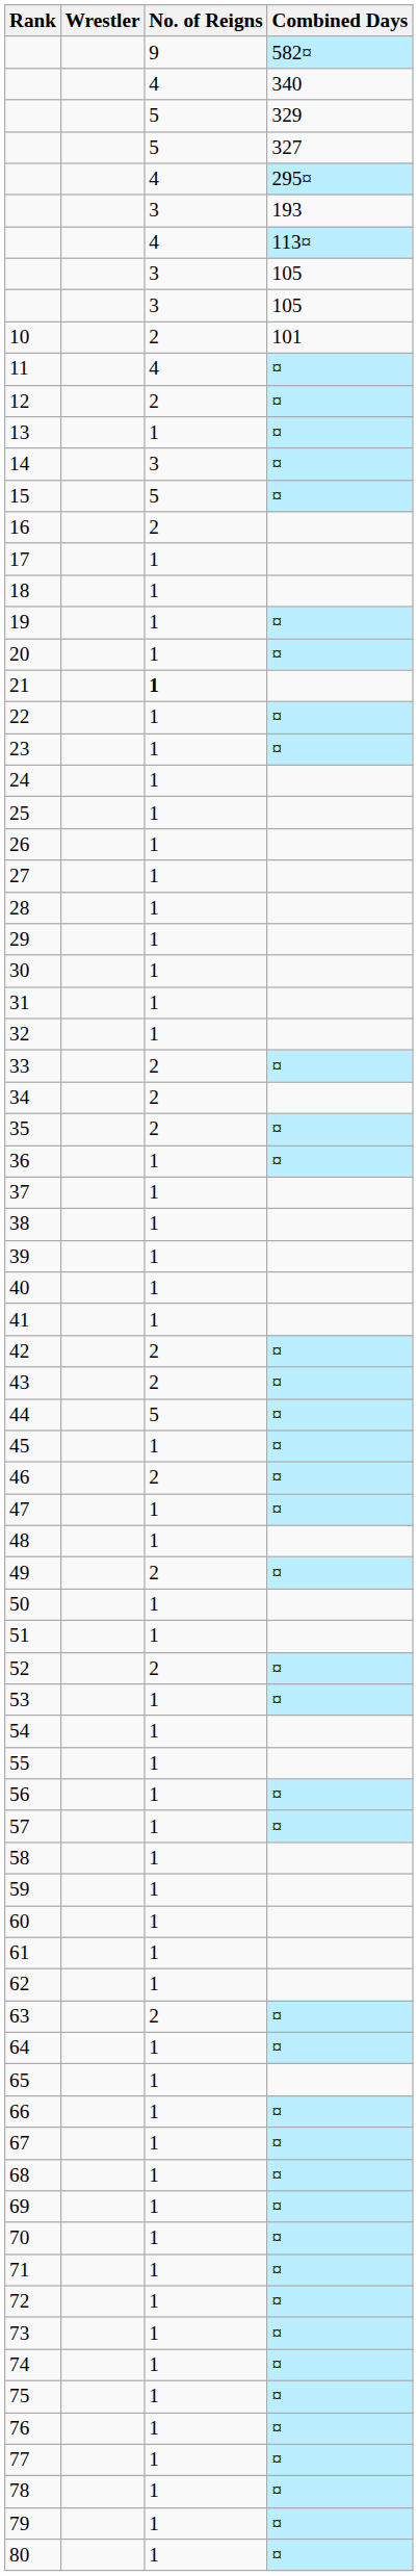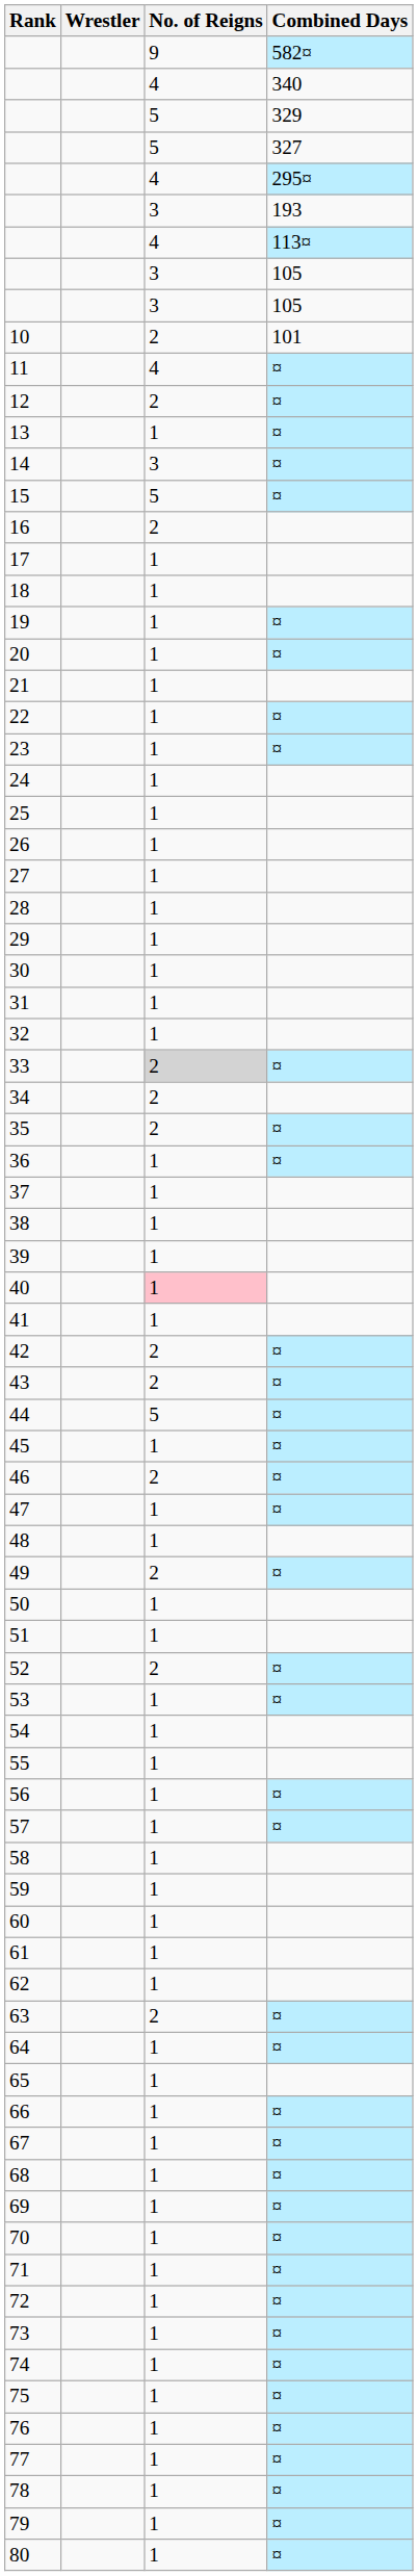 <table class="wikitable sortable">
 <tr>
 <th>Rank</th>
 <th>Wrestler</th>
 <th>No. of Reigns</th>
 <th>Combined Days</th>
 </tr>
 <tr>
 <td></td>
 <td></td>
 <td>9</td>
 <td style="background-color:#bbeeff">582¤</td>
 </tr>
 <tr>
 <td></td>
 <td></td>
 <td>4</td>
 <td>340</td>
 </tr>
 <tr>
 <td></td>
 <td></td>
 <td>5</td>
 <td>329</td>
 </tr>
 <tr>
 <td></td>
 <td></td>
 <td>5</td>
 <td>327</td>
 </tr>
 <tr>
 <td></td>
 <td></td>
 <td>4</td>
 <td style="background-color:#bbeeff">295¤</td>
 </tr>
 <tr>
 <td></td>
 <td></td>
 <td>3</td>
 <td>193</td>
 </tr>
 <tr>
 <td></td>
 <td></td>
 <td>4</td>
 <td style="background-color:#bbeeff">113¤</td>
 </tr>
 <tr>
 <td></td>
 <td></td>
 <td>3</td>
 <td>105</td>
 </tr>
 <tr>
 <td></td>
 <td></td>
 <td>3</td>
 <td>105</td>
 </tr>
 <tr>
 <td>10</td>
 <td></td>
 <td>2</td>
 <td>101</td>
 </tr>
 <tr>
 <td>11</td>
 <td></td>
 <td>4</td>
 <td style="background-color:#bbeeff">¤</td>
 </tr>
 <tr>
 <td>12</td>
 <td></td>
 <td>2</td>
 <td style="background-color:#bbeeff">¤</td>
 </tr>
 <tr>
 <td>13</td>
 <td></td>
 <td>1</td>
 <td style="background-color:#bbeeff">¤</td>
 </tr>
 <tr>
 <td>14</td>
 <td></td>
 <td>3</td>
 <td style="background-color:#bbeeff">¤</td>
 </tr>
 <tr>
 <td>15</td>
 <td></td>
 <td>5</td>
 <td style="background-color:#bbeeff">¤</td>
 </tr>
 <tr>
 <td>16</td>
 <td></td>
 <td>2</td>
 <td></td>
 </tr>
 <tr>
 <td>17</td>
 <td></td>
 <td>1</td>
 <td></td>
 </tr>
 <tr>
 <td>18</td>
 <td></td>
 <td>1</td>
 <td></td>
 </tr>
 <tr>
 <td>19</td>
 <td></td>
 <td>1</td>
 <td style="background-color:#bbeeff">¤</td>
 </tr>
 <tr>
 <td>20</td>
 <td></td>
 <td>1</td>
 <td style="background-color:#bbeeff">¤</td>
 </tr>
 <tr>
 <td>21</td>
 <td></td>
-<td><strong>1</strong></td>
+<td>1</td>
 <td></td>
 </tr>
 <tr>
 <td>22</td>
 <td></td>
 <td>1</td>
 <td style="background-color:#bbeeff">¤</td>
 </tr>
 <tr>
 <td>23</td>
 <td></td>
 <td>1</td>
 <td style="background-color:#bbeeff">¤</td>
 </tr>
 <tr>
 <td>24</td>
 <td></td>
 <td>1</td>
 <td></td>
 </tr>
 <tr>
 <td>25</td>
 <td></td>
 <td>1</td>
 <td></td>
 </tr>
 <tr>
 <td>26</td>
 <td></td>
 <td>1</td>
 <td></td>
 </tr>
 <tr>
 <td>27</td>
 <td></td>
 <td>1</td>
 <td></td>
 </tr>
 <tr>
 <td>28</td>
 <td></td>
 <td>1</td>
 <td></td>
 </tr>
 <tr>
 <td>29</td>
 <td></td>
 <td>1</td>
 <td></td>
 </tr>
 <tr>
 <td>30</td>
 <td></td>
 <td>1</td>
 <td></td>
 </tr>
 <tr>
 <td>31</td>
 <td></td>
 <td>1</td>
 <td></td>
 </tr>
 <tr>
 <td>32</td>
 <td></td>
 <td>1</td>
 <td></td>
 </tr>
 <tr>
 <td>33</td>
 <td></td>
-<td>2</td>
+<td style="background: lightgrey;">2</td>
 <td style="background-color:#bbeeff">¤</td>
 </tr>
 <tr>
 <td>34</td>
 <td></td>
 <td>2</td>
 <td></td>
 </tr>
 <tr>
 <td>35</td>
 <td></td>
 <td>2</td>
 <td style="background-color:#bbeeff">¤</td>
 </tr>
 <tr>
 <td>36</td>
 <td></td>
 <td>1</td>
 <td style="background-color:#bbeeff">¤</td>
 </tr>
 <tr>
 <td>37</td>
 <td></td>
 <td>1</td>
 <td></td>
 </tr>
 <tr>
 <td>38</td>
 <td></td>
 <td>1</td>
 <td></td>
 </tr>
 <tr>
 <td>39</td>
 <td></td>
 <td>1</td>
 <td></td>
 </tr>
 <tr>
 <td>40</td>
 <td></td>
-<td>1</td>
+<td style="background: pink;">1</td>
 <td></td>
 </tr>
 <tr>
 <td>41</td>
 <td></td>
 <td>1</td>
 <td></td>
 </tr>
 <tr>
 <td>42</td>
 <td></td>
 <td>2</td>
 <td style="background-color:#bbeeff">¤</td>
 </tr>
 <tr>
 <td>43</td>
 <td></td>
 <td>2</td>
 <td style="background-color:#bbeeff">¤</td>
 </tr>
 <tr>
 <td>44</td>
 <td></td>
 <td>5</td>
 <td style="background-color:#bbeeff">¤</td>
 </tr>
 <tr>
 <td>45</td>
 <td></td>
 <td>1</td>
 <td style="background-color:#bbeeff">¤</td>
 </tr>
 <tr>
 <td>46</td>
 <td></td>
 <td>2</td>
 <td style="background-color:#bbeeff">¤</td>
 </tr>
 <tr>
 <td>47</td>
 <td></td>
 <td>1</td>
 <td style="background-color:#bbeeff">¤</td>
 </tr>
 <tr>
 <td>48</td>
 <td></td>
 <td>1</td>
 <td></td>
 </tr>
 <tr>
 <td>49</td>
 <td></td>
 <td>2</td>
 <td style="background-color:#bbeeff">¤</td>
 </tr>
 <tr>
 <td>50</td>
 <td></td>
 <td>1</td>
 <td></td>
 </tr>
 <tr>
 <td>51</td>
 <td></td>
 <td>1</td>
 <td></td>
 </tr>
 <tr>
 <td>52</td>
 <td></td>
 <td>2</td>
 <td style="background-color:#bbeeff">¤</td>
 </tr>
 <tr>
 <td>53</td>
 <td></td>
 <td>1</td>
 <td style="background-color:#bbeeff">¤</td>
 </tr>
 <tr>
 <td>54</td>
 <td></td>
 <td>1</td>
 <td></td>
 </tr>
 <tr>
 <td>55</td>
 <td></td>
 <td>1</td>
 <td></td>
 </tr>
 <tr>
 <td>56</td>
 <td></td>
 <td>1</td>
 <td style="background-color:#bbeeff">¤</td>
 </tr>
 <tr>
 <td>57</td>
 <td></td>
 <td>1</td>
 <td style="background-color:#bbeeff">¤</td>
 </tr>
 <tr>
 <td>58</td>
 <td></td>
 <td>1</td>
 <td></td>
 </tr>
 <tr>
 <td>59</td>
 <td></td>
 <td>1</td>
 <td></td>
 </tr>
 <tr>
 <td>60</td>
 <td></td>
 <td>1</td>
 <td></td>
 </tr>
 <tr>
 <td>61</td>
 <td></td>
 <td>1</td>
 <td></td>
 </tr>
 <tr>
 <td>62</td>
 <td></td>
 <td>1</td>
 <td></td>
 </tr>
 <tr>
 <td>63</td>
 <td></td>
 <td>2</td>
 <td style="background-color:#bbeeff">¤</td>
 </tr>
 <tr>
 <td>64</td>
 <td></td>
 <td>1</td>
 <td style="background-color:#bbeeff">¤</td>
 </tr>
 <tr>
 <td>65</td>
 <td></td>
 <td>1</td>
 <td></td>
 </tr>
 <tr>
 <td>66</td>
 <td></td>
 <td>1</td>
 <td style="background-color:#bbeeff">¤</td>
 </tr>
 <tr>
 <td>67</td>
 <td></td>
 <td>1</td>
 <td style="background-color:#bbeeff">¤</td>
 </tr>
 <tr>
 <td>68</td>
 <td></td>
 <td>1</td>
 <td style="background-color:#bbeeff">¤</td>
 </tr>
 <tr>
 <td>69</td>
 <td></td>
 <td>1</td>
 <td style="background-color:#bbeeff">¤</td>
 </tr>
 <tr>
 <td>70</td>
 <td></td>
 <td>1</td>
 <td style="background-color:#bbeeff">¤</td>
 </tr>
 <tr>
 <td>71</td>
 <td></td>
 <td>1</td>
 <td style="background-color:#bbeeff">¤</td>
 </tr>
 <tr>
 <td>72</td>
 <td></td>
 <td>1</td>
 <td style="background-color:#bbeeff">¤</td>
 </tr>
 <tr>
 <td>73</td>
 <td></td>
 <td>1</td>
 <td style="background-color:#bbeeff">¤</td>
 </tr>
 <tr>
 <td>74</td>
 <td></td>
 <td>1</td>
 <td style="background-color:#bbeeff">¤</td>
 </tr>
 <tr>
 <td>75</td>
 <td></td>
 <td>1</td>
 <td style="background-color:#bbeeff">¤</td>
 </tr>
 <tr>
 <td>76</td>
 <td></td>
 <td>1</td>
 <td style="background-color:#bbeeff">¤</td>
 </tr>
 <tr>
 <td>77</td>
 <td></td>
 <td>1</td>
 <td style="background-color:#bbeeff">¤</td>
 </tr>
 <tr>
 <td>78</td>
 <td></td>
 <td>1</td>
 <td style="background-color:#bbeeff">¤</td>
 </tr>
 <tr>
 <td>79</td>
 <td></td>
 <td>1</td>
 <td style="background-color:#bbeeff">¤</td>
 </tr>
 <tr>
 <td>80</td>
 <td></td>
 <td>1</td>
 <td style="background-color:#bbeeff">¤</td>
 </tr>
 </table>
